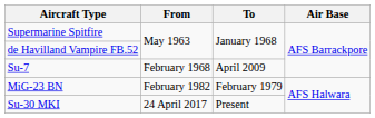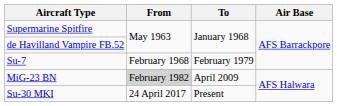 <table class="wikitable">
 <tr>
 <th>Aircraft Type</th>
 <th>From</th>
 <th>To</th>
 <th>Air Base</th>
 </tr>
 <tr>
 <td><a href='#'>Supermarine Spitfire</a></td>
 <td rowspan='2'>May 1963</td>
 <td rowspan='2'>January 1968</td>
 <td rowspan='3'><a href='#'>AFS Barrackpore</a></td>
 </tr>
 <tr>
 <td><a href='#'>de Havilland Vampire FB.52</a></td>
 </tr>
 <tr>
 <td><a href='#'>Su-7</a></td>
 <td>February 1968</td>
-<td>April 2009</td>
+<td>February 1979</td>
 </tr>
 <tr>
 <td><a href='#'>MiG-23 BN</a></td>
-<td>February 1982</td>
-<td>February 1979</td>
+<td style="background: lightgrey;">February 1982</td>
+<td>April 2009</td>
 <td rowspan='2'><a href='#'>AFS Halwara</a></td>
 </tr>
 <tr>
 <td><a href='#'>Su-30 MKI</a></td>
 <td>24 April 2017</td>
 <td>Present</td>
 </tr>
 </table>
